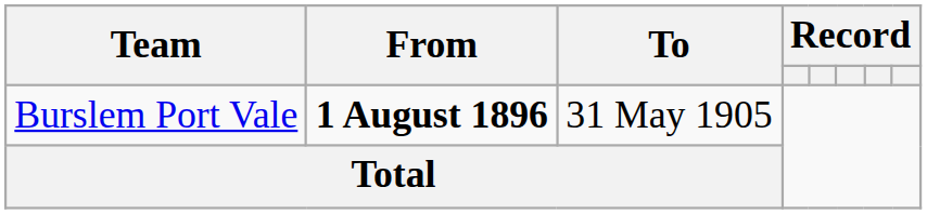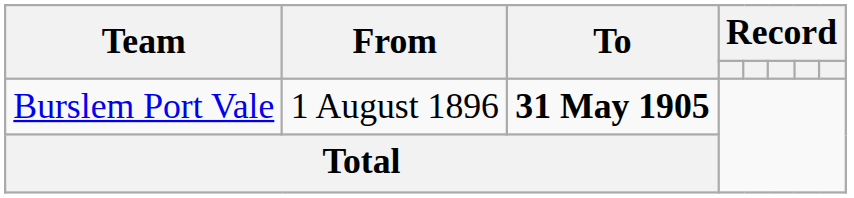 <table class=wikitable style="text-align: center">
 <tr>
 <th rowspan=2>Team</th>
 <th rowspan=2>From</th>
 <th rowspan=2>To</th>
 <th colspan=5>Record</th>
 </tr>
 <tr>
 <th></th>
 <th></th>
 <th></th>
 <th></th>
 <th></th>
 </tr>
 <tr>
 <td align=left><a href='#'>Burslem Port Vale</a></td>
-<td align=left><strong>1 August 1896</strong></td>
-<td align=left>31 May 1905<br></td>
+<td align=left>1 August 1896</td>
+<td align=left><strong>31 May 1905<br></strong></td>
 </tr>
 <tr>
 <th colspan=3>Total<br></th>
 </tr>
 </table>
